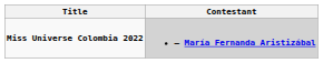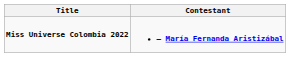 <table class="wikitable sortable" style="font-size:95%;">
 <tr>
 <th>Title</th>
 <th>Contestant</th>
 </tr>
 <tr>
 <td><strong>Miss Universe Colombia 2022</strong></td>
-<td style="background: lightgrey;"><br><ul><li><strong> – <a href='#'>María Fernanda Aristizábal</a></strong></li></ul></td>
+<td><br><ul><li><strong> – <a href='#'>María Fernanda Aristizábal</a></strong></li></ul></td>
 </tr>
 </table>
